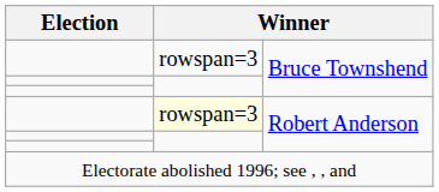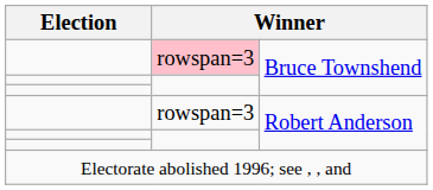 <table class=wikitable>
 <tr>
 <th width=100>Election</th>
 <th width=175 colspan=2>Winner</th>
 </tr>
 <tr>
 <td></td>
-<td>rowspan=3 </td>
+<td style="background: pink;">rowspan=3 </td>
 <td rowspan=3><a href='#'>Bruce Townshend</a></td>
 </tr>
 <tr>
 <td></td>
 </tr>
 <tr>
 <td></td>
 </tr>
 <tr>
 <td></td>
-<td style="background: lightyellow;">rowspan=3 </td>
+<td>rowspan=3 </td>
 <td rowspan=3><a href='#'>Robert Anderson</a></td>
 </tr>
 <tr>
 <td></td>
 </tr>
 <tr>
 <td></td>
 </tr>
 <tr>
 <td colspan=3 align=center><small>Electorate abolished 1996; see , , and </small></td>
 </tr>
 </table>
